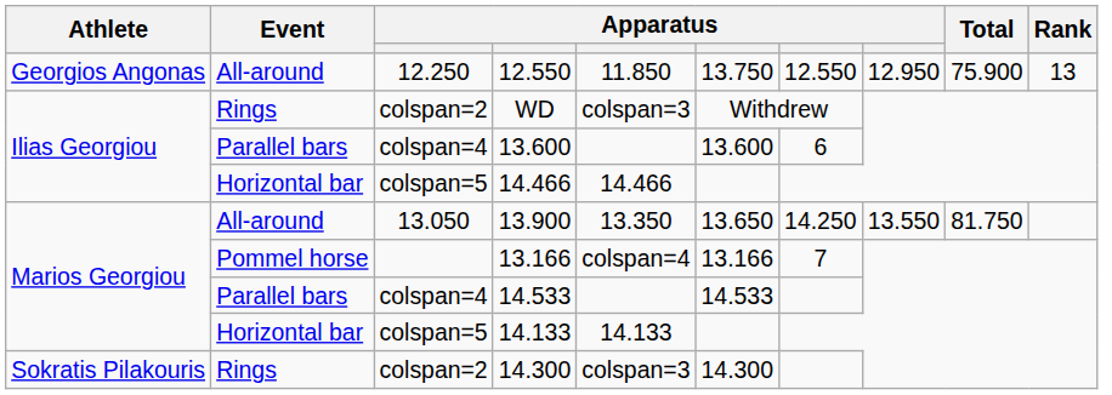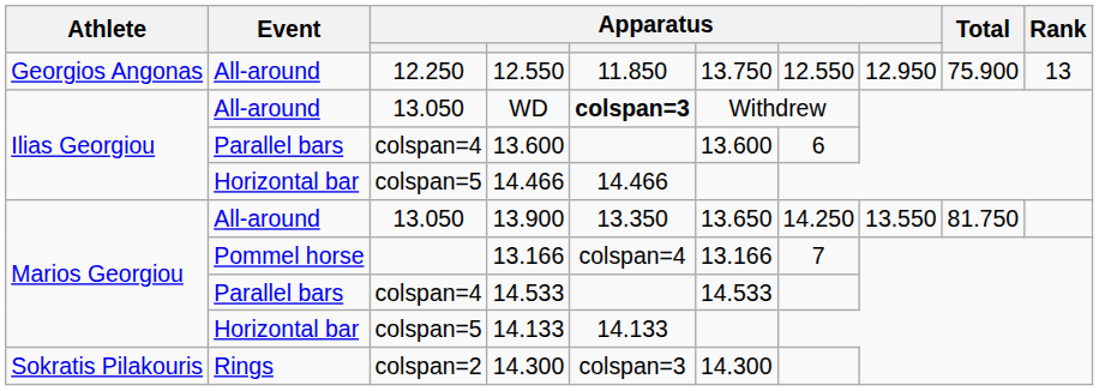 <table class="wikitable" style="font-size:90%">
 <tr>
 <th rowspan=2>Athlete</th>
 <th rowspan=2>Event</th>
 <th colspan=6>Apparatus</th>
 <th rowspan=2>Total</th>
 <th rowspan=2>Rank</th>
 </tr>
 <tr style="font-size:95%">
 <th></th>
 <th></th>
 <th></th>
 <th></th>
 <th></th>
 <th></th>
 </tr>
 <tr align=center>
 <td align=left rowspan=1><a href='#'>Georgios Angonas</a></td>
 <td align=left><a href='#'>All-around</a></td>
 <td>12.250</td>
 <td>12.550</td>
 <td>11.850</td>
 <td>13.750</td>
 <td>12.550</td>
 <td>12.950</td>
 <td>75.900</td>
 <td>13</td>
 </tr>
 <tr align=center>
 <td align=left rowspan=3><a href='#'>Ilias Georgiou</a></td>
-<td align=left><a href='#'>Rings</a></td>
-<td>colspan=2 </td>
+<td align=left><a href='#'>All-around</a></td>
+<td>13.050</td>
 <td>WD</td>
-<td>colspan=3 </td>
+<td><strong>colspan=3 </strong></td>
 <td colspan=2>Withdrew</td>
 </tr>
 <tr align=center>
 <td align=left><a href='#'>Parallel bars</a></td>
 <td>colspan=4 </td>
 <td>13.600</td>
 <td></td>
 <td>13.600</td>
 <td>6</td>
 </tr>
 <tr align=center>
 <td align=left><a href='#'>Horizontal bar</a></td>
 <td>colspan=5 </td>
 <td>14.466</td>
 <td>14.466</td>
 <td></td>
 </tr>
 <tr align=center>
 <td align=left rowspan=4><a href='#'>Marios Georgiou</a></td>
 <td align=left><a href='#'>All-around</a></td>
 <td>13.050</td>
 <td>13.900</td>
 <td>13.350</td>
 <td>13.650</td>
 <td>14.250</td>
 <td>13.550</td>
 <td>81.750</td>
 <td></td>
 </tr>
 <tr align=center>
 <td align=left><a href='#'>Pommel horse</a></td>
 <td></td>
 <td>13.166</td>
 <td>colspan=4 </td>
 <td>13.166</td>
 <td>7</td>
 </tr>
 <tr align=center>
 <td align=left><a href='#'>Parallel bars</a></td>
 <td>colspan=4 </td>
 <td>14.533</td>
 <td></td>
 <td>14.533</td>
 <td></td>
 </tr>
 <tr align=center>
 <td align=left><a href='#'>Horizontal bar</a></td>
 <td>colspan=5 </td>
 <td>14.133</td>
 <td>14.133</td>
 <td></td>
 </tr>
 <tr align=center>
 <td align=left rowspan=1><a href='#'>Sokratis Pilakouris</a></td>
 <td align=left><a href='#'>Rings</a></td>
 <td>colspan=2 </td>
 <td>14.300</td>
 <td>colspan=3 </td>
 <td>14.300</td>
 <td></td>
 </tr>
 </table>
